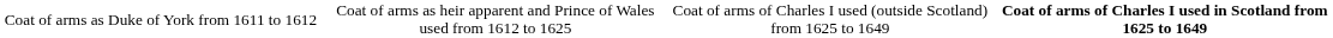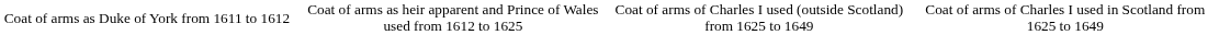 <table border="0" align="center" width="85%">
 <tr>
 <th width=25%></th>
 <th width=25%></th>
 <th width=25%></th>
 <th width=25%></th>
 </tr>
 <tr style="text-align: center;">
 <td>Coat of arms as Duke of York from 1611 to 1612</td>
 <td>Coat of arms as heir apparent and Prince of Wales used from 1612 to 1625</td>
 <td>Coat of arms of Charles I used (outside Scotland) from 1625 to 1649</td>
-<td><strong>Coat of arms of Charles I used in Scotland from 1625 to 1649</strong></td>
+<td>Coat of arms of Charles I used in Scotland from 1625 to 1649</td>
 </tr>
 </table>
